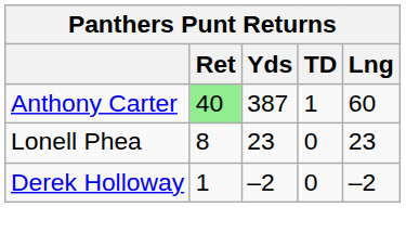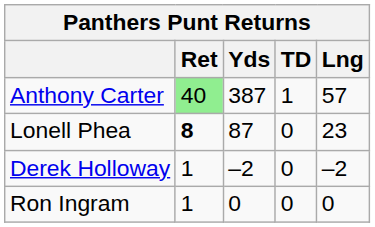 <table class="wikitable">
 <tr>
 <th colspan="5">Panthers Punt Returns</th>
 </tr>
 <tr>
 <th></th>
 <th>Ret</th>
 <th>Yds</th>
 <th>TD</th>
 <th>Lng</th>
 </tr>
 <tr>
 <td><a href='#'>Anthony Carter</a></td>
 <td style="background: lightgreen;">40</td>
 <td>387</td>
 <td>1</td>
-<td>60</td>
+<td>57</td>
 </tr>
 <tr>
 <td>Lonell Phea</td>
-<td>8</td>
-<td>23</td>
+<td><strong>8</strong></td>
+<td>87</td>
 <td>0</td>
 <td>23</td>
 </tr>
 <tr>
 <td><a href='#'>Derek Holloway</a></td>
 <td>1</td>
 <td>–2</td>
 <td>0</td>
 <td>–2</td>
 </tr>
+<tr>
+<td>Ron Ingram</td>
+<td>1</td>
+<td>0</td>
+<td>0</td>
+<td>0</td>
+</tr>
 </table>
